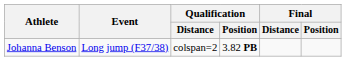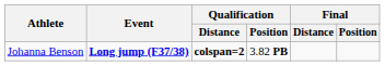 <table class=wikitable style="font-size:90%">
 <tr>
 <th rowspan="2">Athlete</th>
 <th rowspan="2">Event</th>
 <th colspan="2">Qualification</th>
 <th colspan="2">Final</th>
 </tr>
 <tr style="font-size:95%">
 <th>Distance</th>
 <th>Position</th>
 <th>Distance</th>
 <th>Position</th>
 </tr>
 <tr align=center>
 <td align=left><a href='#'>Johanna Benson</a></td>
-<td align=left><a href='#'>Long jump (F37/38)</a></td>
-<td>colspan=2 </td>
+<td align=left><strong><a href='#'>Long jump (F37/38)</a></strong></td>
+<td><strong>colspan=2 </strong></td>
 <td>3.82 <strong>PB</strong></td>
 <td></td>
 </tr>
 </table>
